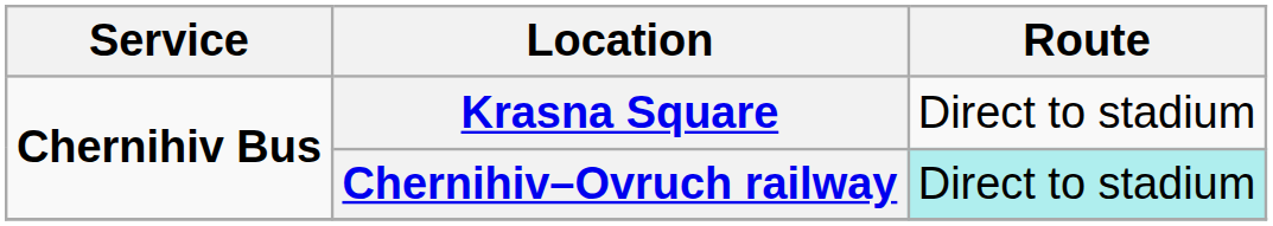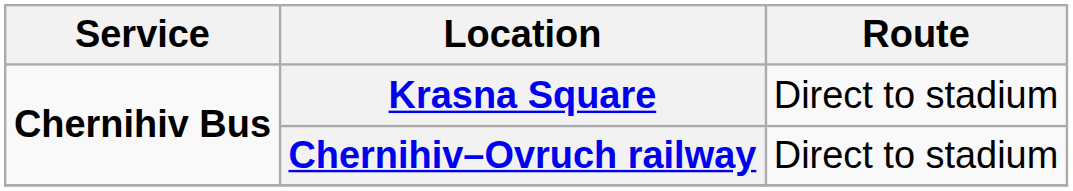 <table class="wikitable" style="text-align: center;font-size:100%;">
 <tr>
 <th>Service</th>
 <th>Location</th>
 <th>Route</th>
 </tr>
 <tr>
 <td rowspan=2><strong>Chernihiv Bus</strong></td>
 <th><strong><a href='#'>Krasna Square</a></strong></th>
 <td>Direct to stadium</td>
 </tr>
 <tr>
 <th><strong><a href='#'>Chernihiv–Ovruch railway</a></strong></th>
-<td style="background: paleturquoise;">Direct to stadium</td>
+<td>Direct to stadium</td>
 </tr>
 <tr>
 </tr>
 </table>
